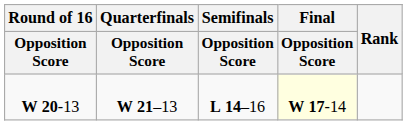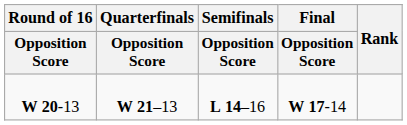 <table class=wikitable style="font-size:90%">
 <tr>
 <th>Round of 16</th>
 <th>Quarterfinals</th>
 <th>Semifinals</th>
 <th>Final</th>
 <th rowspan=2>Rank</th>
 </tr>
 <tr style="font-size:95%">
 <th>Opposition<br>Score</th>
 <th>Opposition<br>Score</th>
 <th>Opposition<br>Score</th>
 <th>Opposition<br>Score</th>
 </tr>
 <tr align=center>
 <td><br><strong>W</strong>  <strong>20</strong>-13</td>
 <td><br><strong>W</strong>  <strong>21</strong>–13</td>
 <td><br><strong>L</strong>  <strong>14</strong>–16</td>
-<td style="background: lightyellow;"><br><strong>W</strong>  <strong>17</strong>-14</td>
+<td><br><strong>W</strong>  <strong>17</strong>-14</td>
 <td></td>
 </tr>
 </table>
